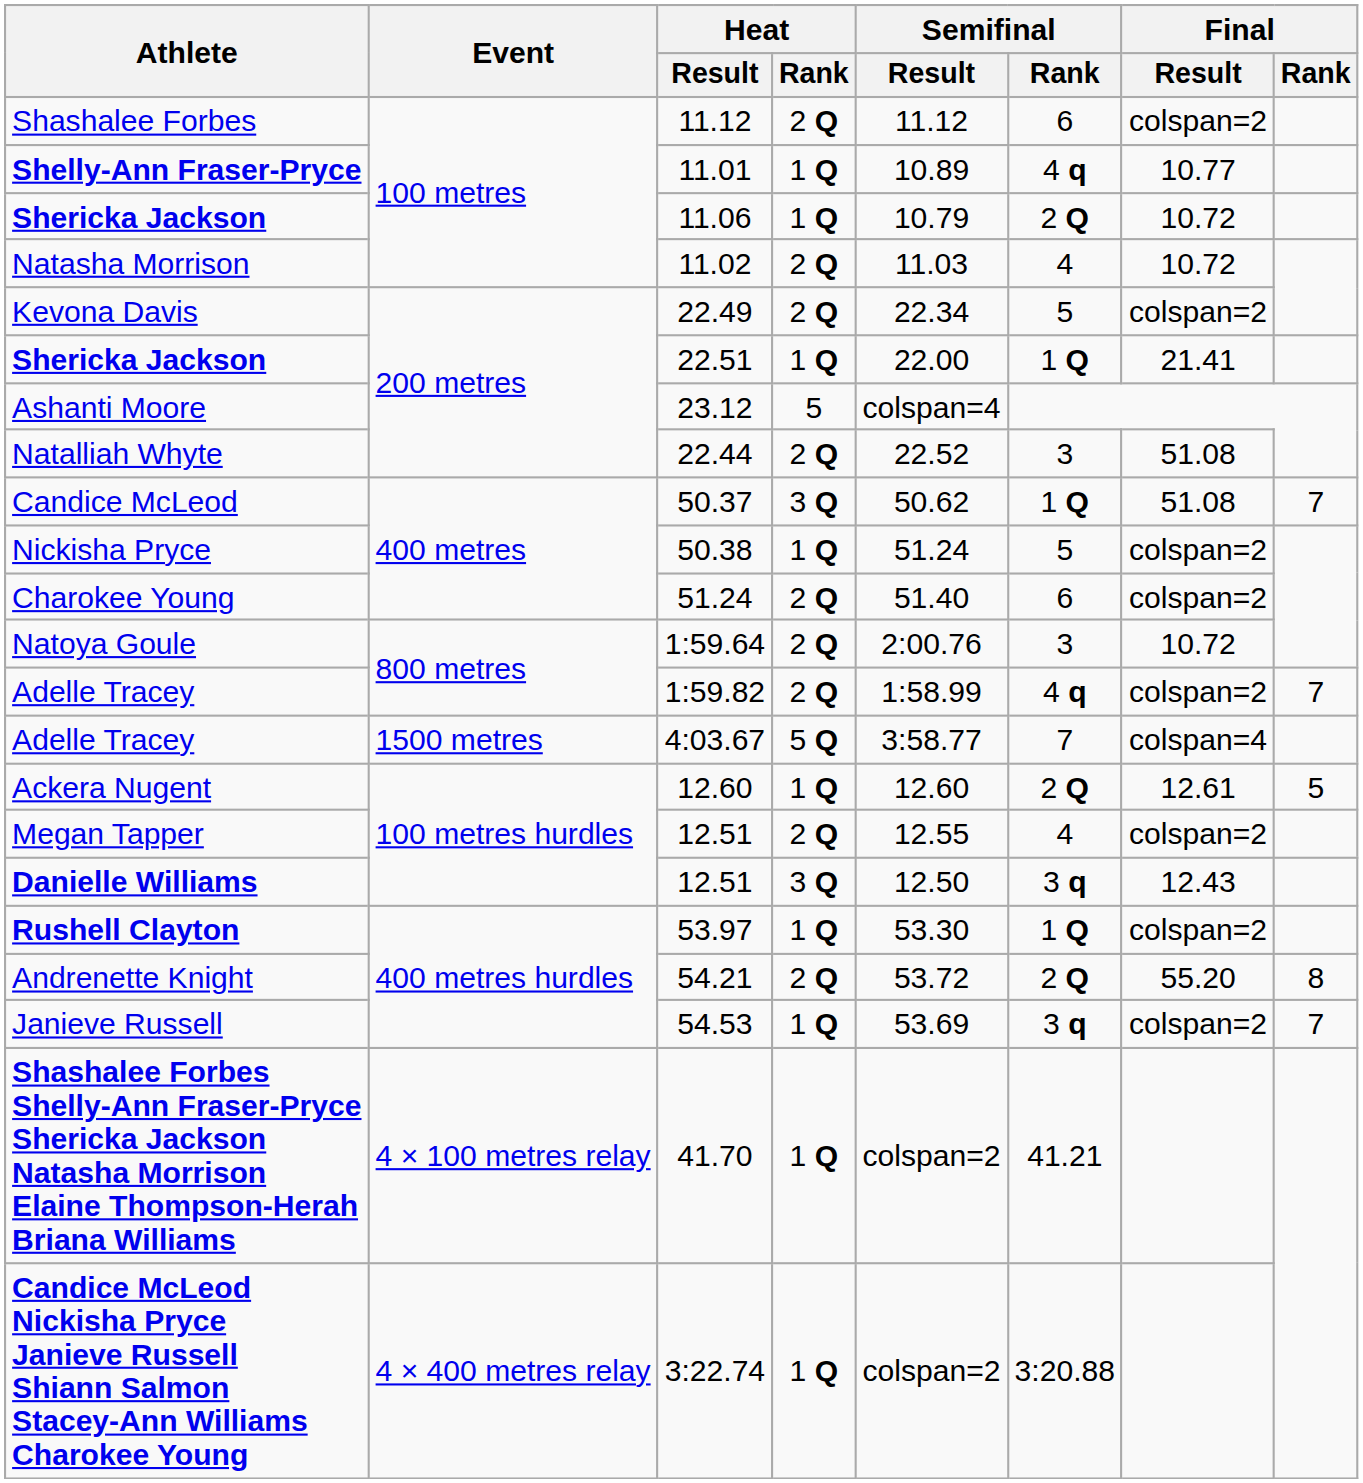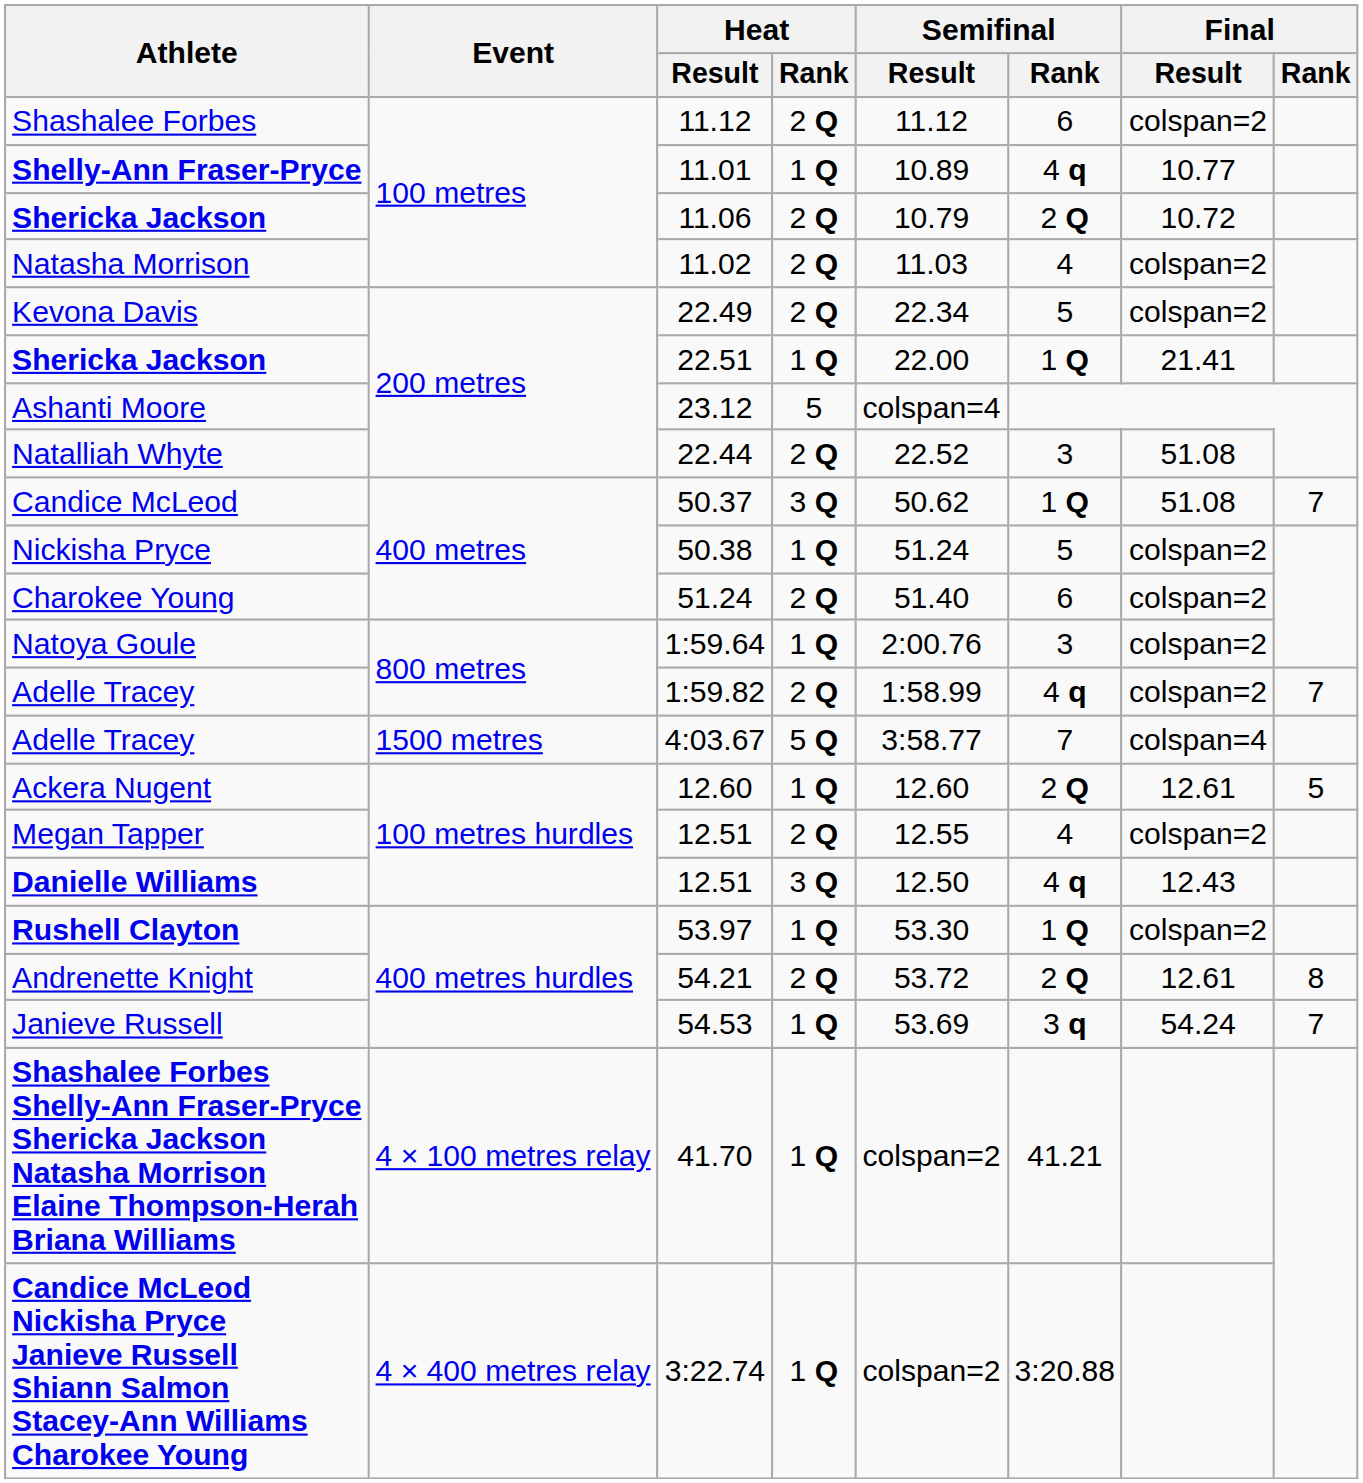 <table class="wikitable" style="font-size:90%">
 <tr>
 <th rowspan="2">Athlete</th>
 <th rowspan="2">Event</th>
 <th colspan="2">Heat</th>
 <th colspan="2">Semifinal</th>
 <th colspan="2">Final</th>
 </tr>
 <tr style="font-size:95%">
 <th>Result</th>
 <th>Rank</th>
 <th>Result</th>
 <th>Rank</th>
 <th>Result</th>
 <th>Rank</th>
 </tr>
 <tr align=center>
 <td align=left><a href='#'>Shashalee Forbes</a></td>
 <td align=left rowspan=4><a href='#'>100 metres</a></td>
 <td>11.12</td>
 <td>2 <strong>Q</strong></td>
 <td>11.12</td>
 <td>6</td>
 <td>colspan=2 </td>
 </tr>
 <tr align=center>
 <td align=left><strong><a href='#'>Shelly-Ann Fraser-Pryce</a></strong></td>
 <td>11.01</td>
 <td>1 <strong>Q</strong></td>
 <td>10.89</td>
 <td>4 <strong>q</strong></td>
 <td>10.77 </td>
 <td></td>
 </tr>
 <tr align=center>
 <td align=left><strong><a href='#'>Shericka Jackson</a></strong></td>
 <td>11.06</td>
-<td>1 <strong>Q</strong></td>
+<td>2 <strong>Q</strong></td>
 <td>10.79</td>
 <td>2 <strong>Q</strong></td>
 <td>10.72</td>
 <td></td>
 </tr>
 <tr align=center>
 <td align=left><a href='#'>Natasha Morrison</a></td>
 <td>11.02</td>
 <td>2 <strong>Q</strong></td>
 <td>11.03</td>
 <td>4</td>
-<td>10.72</td>
+<td>colspan=2 </td>
 </tr>
 <tr align=center>
 <td align=left><a href='#'>Kevona Davis</a></td>
 <td align=left rowspan=4><a href='#'>200 metres</a></td>
 <td>22.49</td>
 <td>2 <strong>Q</strong></td>
 <td>22.34</td>
 <td>5</td>
 <td>colspan=2 </td>
 </tr>
 <tr align=center>
 <td align=left><strong><a href='#'>Shericka Jackson</a></strong></td>
 <td>22.51</td>
 <td>1 <strong>Q</strong></td>
 <td>22.00</td>
 <td>1 <strong>Q</strong></td>
 <td>21.41 </td>
 <td></td>
 </tr>
 <tr align=center>
 <td align=left><a href='#'>Ashanti Moore</a></td>
 <td>23.12</td>
 <td>5</td>
 <td>colspan=4 </td>
 </tr>
 <tr align=center>
 <td align=left><a href='#'>Natalliah Whyte</a></td>
 <td>22.44</td>
 <td>2 <strong>Q</strong></td>
 <td>22.52</td>
 <td>3</td>
 <td>51.08</td>
 </tr>
 <tr align=center>
 <td align=left><a href='#'>Candice McLeod</a></td>
 <td align=left rowspan=3><a href='#'>400 metres</a></td>
 <td>50.37</td>
 <td>3 <strong>Q</strong></td>
 <td>50.62</td>
 <td>1 <strong>Q</strong></td>
 <td>51.08</td>
 <td>7</td>
 </tr>
 <tr align=center>
 <td align=left><a href='#'>Nickisha Pryce</a></td>
 <td>50.38</td>
 <td>1 <strong>Q</strong></td>
 <td>51.24</td>
 <td>5</td>
 <td>colspan=2 </td>
 </tr>
 <tr align=center>
 <td align=left><a href='#'>Charokee Young</a></td>
 <td>51.24</td>
 <td>2 <strong>Q</strong></td>
 <td>51.40</td>
 <td>6</td>
 <td>colspan=2 </td>
 </tr>
 <tr align=center>
 <td align=left><a href='#'>Natoya Goule</a></td>
 <td align=left rowspan=2><a href='#'>800 metres</a></td>
 <td>1:59.64</td>
-<td>2 <strong>Q</strong></td>
+<td>1 <strong>Q</strong></td>
 <td>2:00.76</td>
 <td>3</td>
-<td>10.72</td>
+<td>colspan=2 </td>
 </tr>
 <tr align=center>
 <td align=left><a href='#'>Adelle Tracey</a></td>
 <td>1:59.82 </td>
 <td>2 <strong>Q</strong></td>
 <td>1:58.99 </td>
 <td>4 <strong>q</strong></td>
 <td>colspan=2 </td>
 <td>7</td>
 </tr>
 <tr align=center>
 <td align=left><a href='#'>Adelle Tracey</a></td>
 <td align=left><a href='#'>1500 metres</a></td>
 <td>4:03.67</td>
 <td>5 <strong>Q</strong></td>
 <td>3:58.77 </td>
 <td>7</td>
 <td>colspan=4 </td>
 </tr>
 <tr align=center>
 <td align=left><a href='#'>Ackera Nugent</a></td>
 <td align=left rowspan=3><a href='#'>100 metres hurdles</a></td>
 <td>12.60</td>
 <td>1 <strong>Q</strong></td>
 <td>12.60</td>
 <td>2 <strong>Q</strong></td>
 <td>12.61</td>
 <td>5</td>
 </tr>
 <tr align=center>
 <td align=left><a href='#'>Megan Tapper</a></td>
 <td>12.51</td>
 <td>2 <strong>Q</strong></td>
 <td>12.55</td>
 <td>4</td>
 <td>colspan=2 </td>
 </tr>
 <tr align=center>
 <td align=left><strong><a href='#'>Danielle Williams</a></strong></td>
 <td>12.51 </td>
 <td>3 <strong>Q</strong></td>
 <td>12.50 </td>
-<td>3 <strong>q</strong></td>
+<td>4 <strong>q</strong></td>
 <td>12.43 </td>
 <td></td>
 </tr>
 <tr align=center>
 <td align=left><strong><a href='#'>Rushell Clayton</a></strong></td>
 <td align=left rowspan=3><a href='#'>400 metres hurdles</a></td>
 <td>53.97</td>
 <td>1 <strong>Q</strong></td>
 <td>53.30 </td>
 <td>1 <strong>Q</strong></td>
 <td>colspan=2 </td>
 <td></td>
 </tr>
 <tr align=center>
 <td align=left><a href='#'>Andrenette Knight</a></td>
 <td>54.21</td>
 <td>2 <strong>Q</strong></td>
 <td>53.72</td>
 <td>2 <strong>Q</strong></td>
-<td>55.20</td>
+<td>12.61</td>
 <td>8</td>
 </tr>
 <tr align=center>
 <td align=left><a href='#'>Janieve Russell</a></td>
 <td>54.53</td>
 <td>1 <strong>Q</strong></td>
 <td>53.69</td>
 <td>3 <strong>q</strong></td>
-<td>colspan=2 </td>
+<td>54.24</td>
 <td>7</td>
 </tr>
 <tr align=center>
 <td align=left><strong><a href='#'>Shashalee Forbes</a><br><a href='#'>Shelly-Ann Fraser-Pryce</a><br><a href='#'>Shericka Jackson</a><br><a href='#'>Natasha Morrison</a><br><a href='#'>Elaine Thompson-Herah</a><br><a href='#'>Briana Williams</a></strong></td>
 <td align=left><a href='#'>4 × 100 metres relay</a></td>
 <td>41.70 </td>
 <td>1 <strong>Q</strong></td>
 <td>colspan=2</td>
 <td>41.21 </td>
 <td></td>
 </tr>
 <tr align=center>
 <td align=left><strong><a href='#'>Candice McLeod</a><br><a href='#'>Nickisha Pryce</a><br><a href='#'>Janieve Russell</a><br><a href='#'>Shiann Salmon</a><br><a href='#'>Stacey-Ann Williams</a><br><a href='#'>Charokee Young</a></strong></td>
 <td align=left><a href='#'>4 × 400 metres relay</a></td>
 <td>3:22.74 </td>
 <td>1 <strong>Q</strong></td>
 <td>colspan=2</td>
 <td>3:20.88</td>
 <td></td>
 </tr>
 </table>
